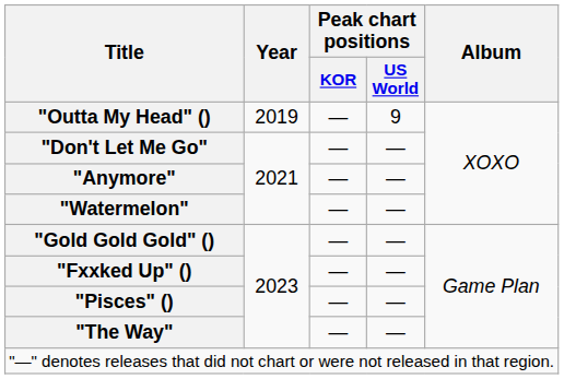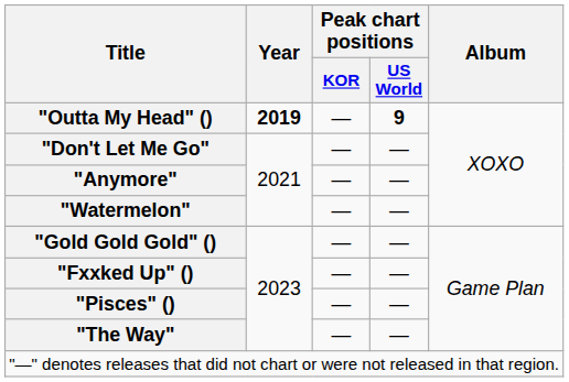 <table class="wikitable plainrowheaders" style="text-align:center">
 <tr>
 <th scope="col" rowspan="2">Title</th>
 <th scope="col" rowspan="2">Year</th>
 <th scope="col" colspan="2">Peak chart<br>positions</th>
 <th scope="col" rowspan="2">Album</th>
 </tr>
 <tr>
 <th scope="col" style="font-size:85%; width:3em"><a href='#'>KOR</a></th>
 <th scope="col" style="font-size:85%; width:3em"><a href='#'>US<br>World</a><br></th>
 </tr>
 <tr>
 <th scope="row">"Outta My Head" ()</th>
-<td>2019</td>
+<td><strong>2019</strong></td>
 <td>—</td>
-<td>9</td>
+<td><strong>9</strong></td>
 <td rowspan="4"><em>XOXO</em></td>
 </tr>
 <tr>
 <th scope="row">"Don't Let Me Go" </th>
 <td rowspan="3">2021</td>
 <td>—</td>
 <td>—</td>
 </tr>
 <tr>
 <th scope="row">"Anymore"</th>
 <td>—</td>
 <td>—</td>
 </tr>
 <tr>
 <th scope="row">"Watermelon"</th>
 <td>—</td>
 <td>—</td>
 </tr>
 <tr>
 <th scope="row">"Gold Gold Gold" ()</th>
 <td rowspan="4">2023</td>
 <td>—</td>
 <td>—</td>
 <td rowspan="4"><em>Game Plan</em></td>
 </tr>
 <tr>
 <th scope="row">"Fxxked Up" ()</th>
 <td>—</td>
 <td>—</td>
 </tr>
 <tr>
 <th scope="row">"Pisces" ()</th>
 <td>—</td>
 <td>—</td>
 </tr>
 <tr>
 <th scope="row">"The Way"</th>
 <td>—</td>
 <td>—</td>
 </tr>
 <tr>
 <td colspan="5" style="font-size:85%">"—" denotes releases that did not chart or were not released in that region.</td>
 </tr>
 </table>
